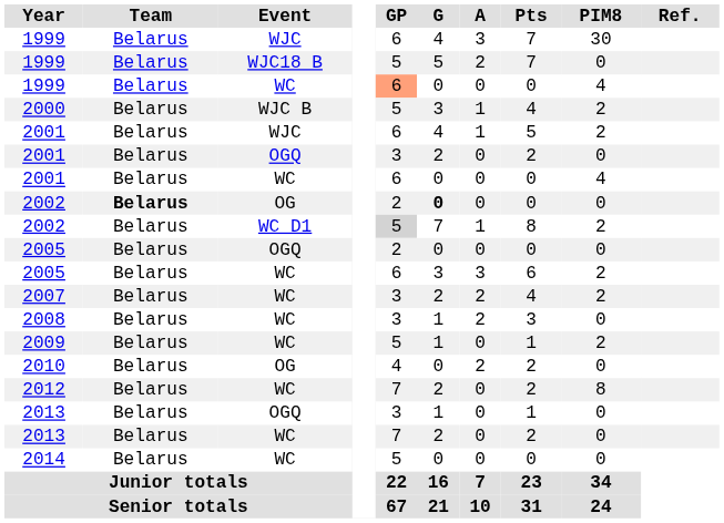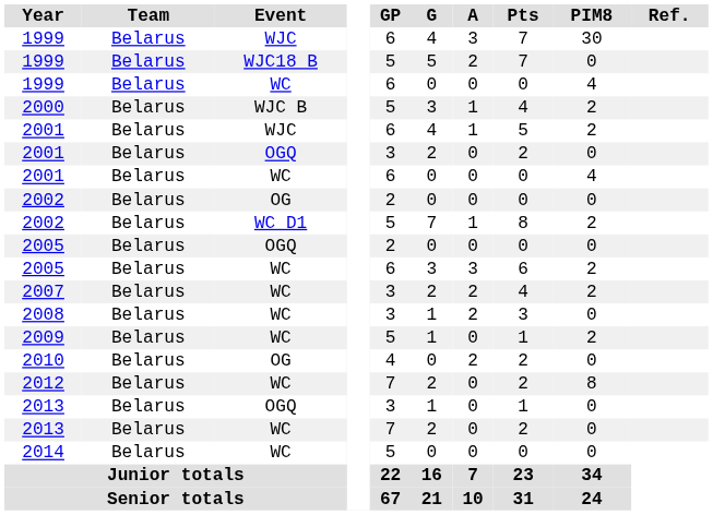 <table border="0" cellpadding="1" cellspacing="0" style="text-align:center; width:40em">
 <tr ALIGN="center" bgcolor="#e0e0e0">
 <th>Year</th>
 <th>Team</th>
 <th>Event</th>
 <th rowspan="99" bgcolor="#ffffff"> </th>
 <th>GP</th>
 <th>G</th>
 <th>A</th>
 <th>Pts</th>
 <th>PIM8</th>
 <th>Ref.</th>
 </tr>
 <tr>
 <td><a href='#'>1999</a></td>
 <td><a href='#'>Belarus</a></td>
 <td><a href='#'>WJC</a></td>
 <td>6</td>
 <td>4</td>
 <td>3</td>
 <td>7</td>
 <td>30</td>
 <td></td>
 </tr>
 <tr bgcolor="#f0f0f0">
 <td><a href='#'>1999</a></td>
 <td><a href='#'>Belarus</a></td>
 <td><a href='#'>WJC18 B</a></td>
 <td>5</td>
 <td>5</td>
 <td>2</td>
 <td>7</td>
 <td>0</td>
 <td></td>
 </tr>
 <tr>
 <td><a href='#'>1999</a></td>
 <td><a href='#'>Belarus</a></td>
 <td><a href='#'>WC</a></td>
-<td style="background: lightsalmon;">6</td>
+<td>6</td>
 <td>0</td>
 <td>0</td>
 <td>0</td>
 <td>4</td>
 <td></td>
 </tr>
 <tr bgcolor="#f0f0f0">
 <td><a href='#'>2000</a></td>
 <td>Belarus</td>
 <td>WJC B</td>
 <td>5</td>
 <td>3</td>
 <td>1</td>
 <td>4</td>
 <td>2</td>
 <td></td>
 </tr>
 <tr>
 <td><a href='#'>2001</a></td>
 <td>Belarus</td>
 <td>WJC</td>
 <td>6</td>
 <td>4</td>
 <td>1</td>
 <td>5</td>
 <td>2</td>
 <td></td>
 </tr>
 <tr bgcolor="#f0f0f0">
 <td><a href='#'>2001</a></td>
 <td>Belarus</td>
 <td><a href='#'>OGQ</a></td>
 <td>3</td>
 <td>2</td>
 <td>0</td>
 <td>2</td>
 <td>0</td>
 <td></td>
 </tr>
 <tr>
 <td><a href='#'>2001</a></td>
 <td>Belarus</td>
 <td>WC</td>
 <td>6</td>
 <td>0</td>
 <td>0</td>
 <td>0</td>
 <td>4</td>
 <td></td>
 </tr>
 <tr bgcolor="#f0f0f0">
 <td><a href='#'>2002</a></td>
-<td><strong>Belarus</strong></td>
+<td>Belarus</td>
 <td>OG</td>
 <td>2</td>
-<td><strong>0</strong></td>
+<td>0</td>
 <td>0</td>
 <td>0</td>
 <td>0</td>
 <td></td>
 </tr>
 <tr>
 <td><a href='#'>2002</a></td>
 <td>Belarus</td>
 <td><a href='#'>WC D1</a></td>
-<td style="background: lightgrey;">5</td>
+<td>5</td>
 <td>7</td>
 <td>1</td>
 <td>8</td>
 <td>2</td>
 <td></td>
 </tr>
 <tr bgcolor="#f0f0f0">
 <td><a href='#'>2005</a></td>
 <td>Belarus</td>
 <td>OGQ</td>
 <td>2</td>
 <td>0</td>
 <td>0</td>
 <td>0</td>
 <td>0</td>
 <td></td>
 </tr>
 <tr>
 <td><a href='#'>2005</a></td>
 <td>Belarus</td>
 <td>WC</td>
 <td>6</td>
 <td>3</td>
 <td>3</td>
 <td>6</td>
 <td>2</td>
 <td></td>
 </tr>
 <tr bgcolor="#f0f0f0">
 <td><a href='#'>2007</a></td>
 <td>Belarus</td>
 <td>WC</td>
 <td>3</td>
 <td>2</td>
 <td>2</td>
 <td>4</td>
 <td>2</td>
 <td></td>
 </tr>
 <tr>
 <td><a href='#'>2008</a></td>
 <td>Belarus</td>
 <td>WC</td>
 <td>3</td>
 <td>1</td>
 <td>2</td>
 <td>3</td>
 <td>0</td>
 <td></td>
 </tr>
 <tr bgcolor="#f0f0f0">
 <td><a href='#'>2009</a></td>
 <td>Belarus</td>
 <td>WC</td>
 <td>5</td>
 <td>1</td>
 <td>0</td>
 <td>1</td>
 <td>2</td>
 <td></td>
 </tr>
 <tr>
 <td><a href='#'>2010</a></td>
 <td>Belarus</td>
 <td>OG</td>
 <td>4</td>
 <td>0</td>
 <td>2</td>
 <td>2</td>
 <td>0</td>
 <td></td>
 </tr>
 <tr bgcolor="#f0f0f0">
 <td><a href='#'>2012</a></td>
 <td>Belarus</td>
 <td>WC</td>
 <td>7</td>
 <td>2</td>
 <td>0</td>
 <td>2</td>
 <td>8</td>
 <td></td>
 </tr>
 <tr>
 <td><a href='#'>2013</a></td>
 <td>Belarus</td>
 <td>OGQ</td>
 <td>3</td>
 <td>1</td>
 <td>0</td>
 <td>1</td>
 <td>0</td>
 <td></td>
 </tr>
 <tr bgcolor="#f0f0f0">
 <td><a href='#'>2013</a></td>
 <td>Belarus</td>
 <td>WC</td>
 <td>7</td>
 <td>2</td>
 <td>0</td>
 <td>2</td>
 <td>0</td>
 <td></td>
 </tr>
 <tr>
 <td><a href='#'>2014</a></td>
 <td>Belarus</td>
 <td>WC</td>
 <td>5</td>
 <td>0</td>
 <td>0</td>
 <td>0</td>
 <td>0</td>
 <td></td>
 </tr>
 <tr bgcolor="#e0e0e0">
 <th colspan=3>Junior totals</th>
 <th>22</th>
 <th>16</th>
 <th>7</th>
 <th>23</th>
 <th>34</th>
 </tr>
 <tr bgcolor="#e0e0e0">
 <th colspan=3>Senior totals</th>
 <th>67</th>
 <th>21</th>
 <th>10</th>
 <th>31</th>
 <th>24</th>
 </tr>
 </table>
